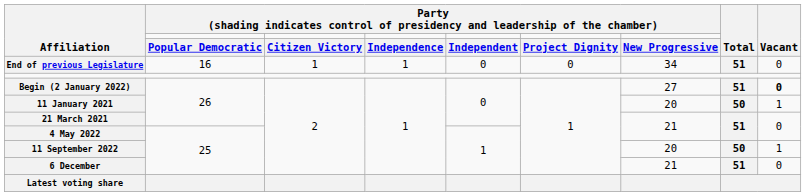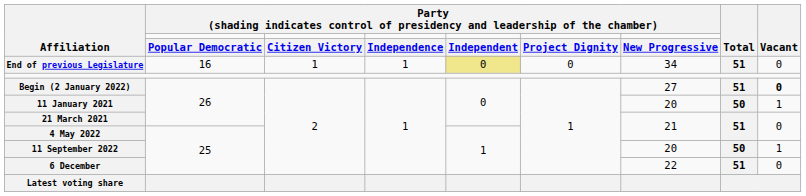 <table class=wikitable style="text-align:center">
 <tr style="vertical-align:bottom">
 <th rowspan=3>Affiliation</th>
 <th colspan=6>Party<div>(shading indicates control of presidency and leadership of the chamber)</div></th>
 <th rowspan=3>Total</th>
 <th rowspan=3>Vacant</th>
 </tr>
 <tr style="height:5px">
 <td style="background-color:"></td>
 <td style="background-color:"></td>
 <td style="background-color:"></td>
 <td style="background-color:"></td>
 <td style="background-color:"></td>
 <td style="background-color:"></td>
 </tr>
 <tr>
 <th><a href='#'>Popular Democratic</a></th>
 <th><a href='#'>Citizen Victory</a></th>
 <th><a href='#'>Independence</a></th>
 <th><a href='#'>Independent</a></th>
 <th><a href='#'>Project Dignity</a></th>
 <th><a href='#'>New Progressive</a></th>
 </tr>
 <tr>
 <th style="font-size:80%">End of <a href='#'>previous Legislature</a></th>
 <td>16</td>
 <td>1</td>
 <td>1</td>
-<td>0</td>
+<td style="background: khaki;">0</td>
 <td>0</td>
 <td>34</td>
 <th>51</th>
 <td>0</td>
 </tr>
 <tr>
 <td colspan=99></td>
 </tr>
 <tr>
 <th style="font-size:80%">Begin (2 January 2022)</th>
 <td rowspan=3 >26</td>
 <td rowspan=6>2</td>
 <td rowspan=6>1</td>
 <td rowspan=3>0</td>
 <td rowspan=6>1</td>
 <td>27</td>
 <th>51</th>
 <td><strong>0</strong></td>
 </tr>
 <tr>
 <th style="font-size:80%">11 January 2021</th>
 <td>20</td>
 <th>50</th>
 <td>1</td>
 </tr>
 <tr>
 <th style="font-size:80%">21 March 2021</th>
 <td rowspan=2>21</td>
 <th rowspan=2>51</th>
 <td rowspan=2>0</td>
 </tr>
 <tr>
 <th style="font-size:80%">4 May 2022</th>
 <td rowspan=3 >25</td>
 <td rowspan=3>1</td>
 </tr>
 <tr>
 <th style="font-size:80%">11 September 2022 </th>
 <td>20</td>
 <th>50</th>
 <td>1</td>
 </tr>
 <tr>
 <th style="font-size:80%">6 December </th>
-<td rowspan=1>21</td>
+<td rowspan=1>22</td>
 <th rowspan=1>51</th>
 <td rowspan=1>0</td>
 </tr>
 <tr>
 <th style="font-size:80%">Latest voting share</th>
 <th></th>
 <th></th>
 <th></th>
 <th></th>
 <th></th>
 <th></th>
 <th colspan=2> </th>
 </tr>
 </table>
